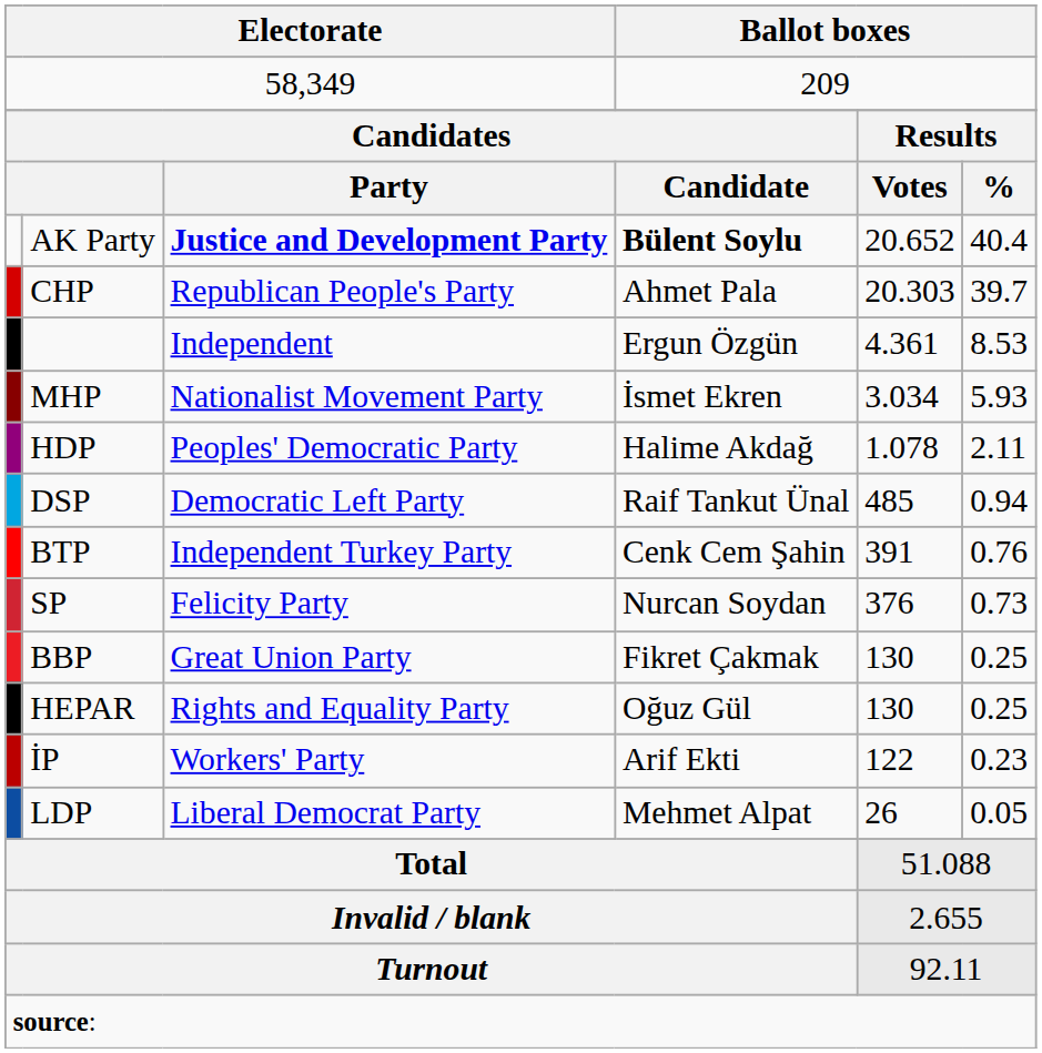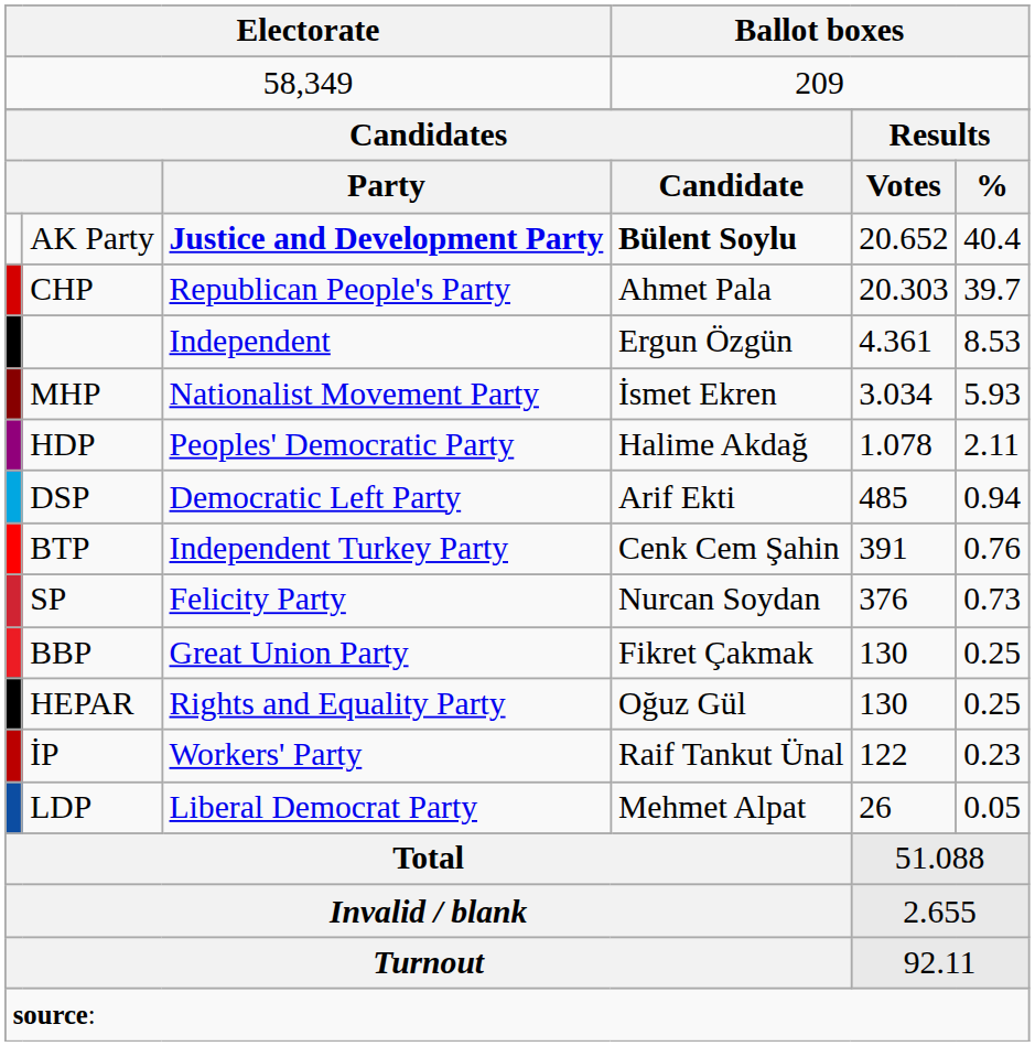 <table class="wikitable">
 <tr style="background-color:#F2F2F2">
 <td align="center" colspan="3"><strong>Electorate</strong></td>
 <td align="center" colspan="7"><strong>Ballot boxes</strong></td>
 </tr>
 <tr align="left">
 <td align="center" colspan="3">58,349</td>
 <td align="center" colspan="7">209</td>
 </tr>
 <tr>
 </tr>
 <tr style="background-color:#E9E9E9">
 </tr>
 <tr>
 <th align="center" colspan="4">Candidates</th>
 <th align="center" colspan="6">Results</th>
 </tr>
 <tr style="background-color:#E9E9E9">
 <th align="center" colspan="2"></th>
 <th align="center">Party</th>
 <th align="center">Candidate</th>
 <th align="center">Votes</th>
 <th align="center">%</th>
 </tr>
 <tr align="left">
 <td></td>
 <td>AK Party</td>
 <td><strong><a href='#'>Justice and Development Party</a></strong></td>
 <td><strong>Bülent Soylu</strong></td>
 <td>20.652</td>
 <td>40.4</td>
 </tr>
 <tr align="left">
 <td bgcolor="#d50000" width=1></td>
 <td>CHP</td>
 <td><a href='#'>Republican People's Party</a></td>
 <td>Ahmet Pala</td>
 <td>20.303</td>
 <td>39.7</td>
 </tr>
 <tr align="left">
 <td bgcolor=" " width=1></td>
 <td></td>
 <td><a href='#'>Independent</a></td>
 <td>Ergun Özgün</td>
 <td>4.361</td>
 <td>8.53</td>
 </tr>
 <tr align="left">
 <td bgcolor="#870000" width=1></td>
 <td>MHP</td>
 <td><a href='#'>Nationalist Movement Party</a></td>
 <td>İsmet Ekren</td>
 <td>3.034</td>
 <td>5.93</td>
 </tr>
 <tr align="left">
 <td bgcolor="#91007B" width=1></td>
 <td>HDP</td>
 <td><a href='#'>Peoples' Democratic Party</a></td>
 <td>Halime Akdağ</td>
 <td>1.078</td>
 <td>2.11</td>
 </tr>
 <tr align="left">
 <td bgcolor="#01A7E1" width=1></td>
 <td>DSP</td>
 <td><a href='#'>Democratic Left Party</a></td>
-<td>Raif Tankut Ünal</td>
+<td>Arif Ekti</td>
 <td>485</td>
 <td>0.94</td>
 </tr>
 <tr align="left">
 <td bgcolor="#FE0000" width=1></td>
 <td>BTP</td>
 <td><a href='#'>Independent Turkey Party</a></td>
 <td>Cenk Cem Şahin</td>
 <td>391</td>
 <td>0.76</td>
 </tr>
 <tr align="left">
 <td bgcolor="#D02433" width=1></td>
 <td>SP</td>
 <td><a href='#'>Felicity Party</a></td>
 <td>Nurcan Soydan</td>
 <td>376</td>
 <td>0.73</td>
 </tr>
 <tr align="left">
 <td bgcolor="#ED1C24" width=1></td>
 <td>BBP</td>
 <td><a href='#'>Great Union Party</a></td>
 <td>Fikret Çakmak</td>
 <td>130</td>
 <td>0.25</td>
 </tr>
 <tr align="left">
 <td bgcolor="#000000" width=1></td>
 <td>HEPAR</td>
 <td><a href='#'>Rights and Equality Party</a></td>
 <td>Oğuz Gül</td>
 <td>130</td>
 <td>0.25</td>
 </tr>
 <tr align="left">
 <td bgcolor="#BB0000" width=1></td>
 <td>İP</td>
 <td><a href='#'>Workers' Party</a></td>
-<td>Arif Ekti</td>
+<td>Raif Tankut Ünal</td>
 <td>122</td>
 <td>0.23</td>
 </tr>
 <tr align="left">
 <td bgcolor="#0C4DA2" width=1></td>
 <td>LDP</td>
 <td><a href='#'>Liberal Democrat Party</a></td>
 <td>Mehmet Alpat</td>
 <td>26</td>
 <td>0.05</td>
 </tr>
 <tr style="background-color:#E9E9E9" align="left">
 <th align="center" colspan="4"><strong>Total</strong></th>
 <td align="center" colspan="5">51.088</td>
 </tr>
 <tr style="background-color:#E9E9E9" align="left">
 <th align="center" colspan="4"><em>Invalid / blank</em></th>
 <td align="center" colspan="5">2.655</td>
 </tr>
 <tr style="background-color:#E9E9E9" align="left">
 <th align="center" colspan="4"><em>Turnout</em></th>
 <td align="center" colspan="5">92.11</td>
 </tr>
 <tr>
 <td align="left" colspan=10><small><strong>source</strong>: </small></td>
 </tr>
 </table>
